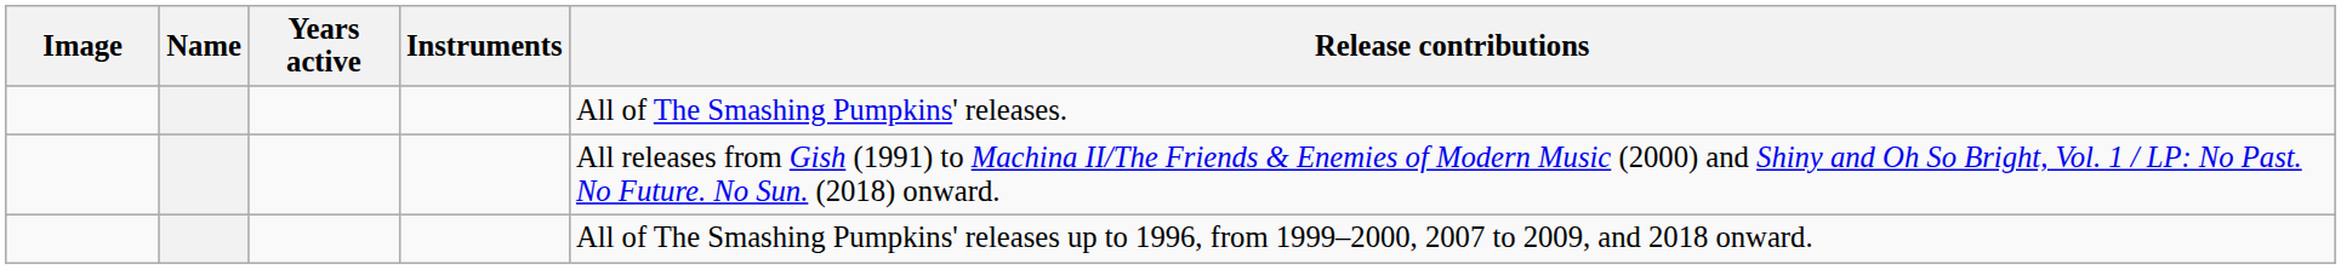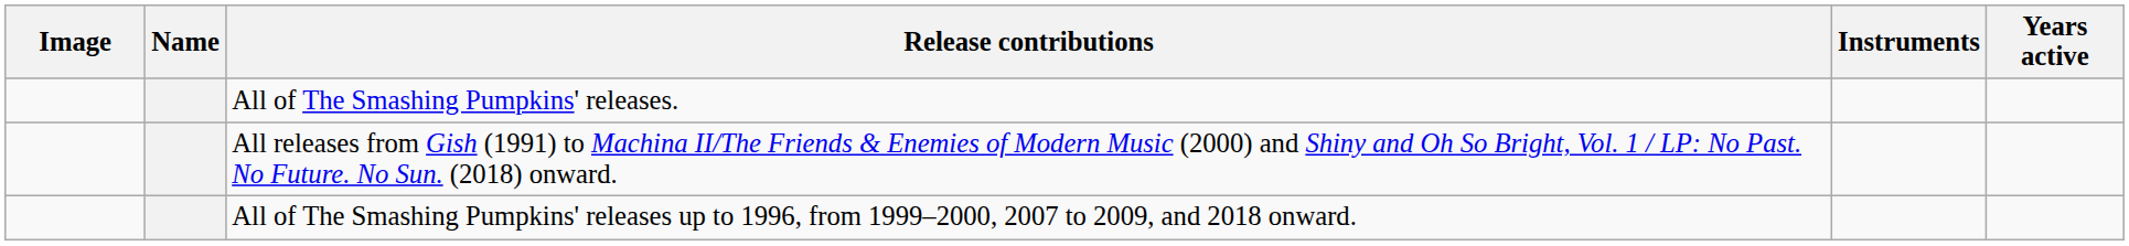 <table class="wikitable plainrowheaders sortable">
 <tr>
 <th scope="col" class="unsortable" style="width: 75px">Image</th>
 <th scope="col">Name</th>
+<th scope="col" class="unsortable">Release contributions</th>
+<th scope="col">Instruments</th>
 <th scope="col">Years active</th>
-<th scope="col">Instruments</th>
-<th scope="col" class="unsortable">Release contributions</th>
 </tr>
 <tr>
 <td></td>
 <th scope="row"></th>
+<td>All of <a href='#'>The Smashing Pumpkins</a>' releases.</td>
 <td></td>
 <td></td>
-<td>All of <a href='#'>The Smashing Pumpkins</a>' releases.</td>
 </tr>
 <tr>
 <td></td>
 <th scope="row"></th>
+<td>All releases from <em><a href='#'>Gish</a></em> (1991) to <em><a href='#'>Machina II/The Friends & Enemies of Modern Music</a></em> (2000) and <em><a href='#'>Shiny and Oh So Bright, Vol. 1 / LP: No Past. No Future. No Sun.</a></em> (2018) onward.</td>
 <td></td>
 <td></td>
-<td>All releases from <em><a href='#'>Gish</a></em> (1991) to <em><a href='#'>Machina II/The Friends & Enemies of Modern Music</a></em> (2000) and <em><a href='#'>Shiny and Oh So Bright, Vol. 1 / LP: No Past. No Future. No Sun.</a></em> (2018) onward.</td>
 </tr>
 <tr>
 <td></td>
 <th scope="row"></th>
+<td>All of The Smashing Pumpkins' releases up to 1996, from 1999–2000, 2007 to 2009, and 2018 onward.</td>
 <td></td>
 <td></td>
-<td>All of The Smashing Pumpkins' releases up to 1996, from 1999–2000, 2007 to 2009, and 2018 onward.</td>
 </tr>
 </table>
